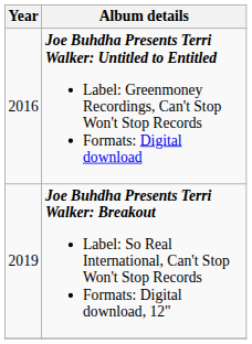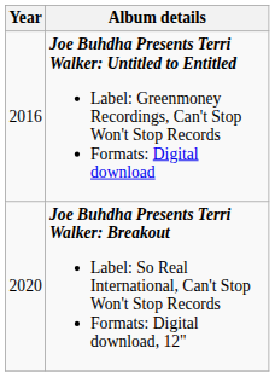 <table class="wikitable" style=text-align:center;>
 <tr>
 <th rowspan="1" width="1">Year</th>
 <th width="210" rowspan="1">Album details</th>
 </tr>
 <tr>
 <td>2016</td>
 <td align="left"><strong><em>Joe Buhdha Presents Terri Walker: Untitled to Entitled</em></strong><br><ul><li>Label: Greenmoney Recordings, Can't Stop Won't Stop Records</li><li>Formats: <a href='#'>Digital download</a></li></ul></td>
 </tr>
 <tr>
-<td>2019</td>
+<td>2020</td>
 <td align="left"><strong><em>Joe Buhdha Presents Terri Walker: Breakout</em></strong><br><ul><li>Label: So Real International, Can't Stop Won't Stop Records</li><li>Formats: Digital download, 12"</li></ul></td>
 </tr>
 <tr>
 </tr>
 </table>
